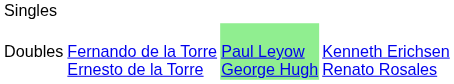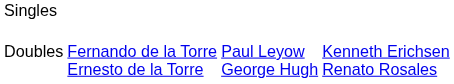 <table>
 <tr>
 <td>Singles</td>
 <td></td>
 <td></td>
 <td></td>
 </tr>
 <tr>
 <td>Doubles</td>
 <td><br><a href='#'>Fernando de la Torre</a><br><a href='#'>Ernesto de la Torre</a></td>
-<td style="background: lightgreen;"><br><a href='#'>Paul Leyow</a><br><a href='#'>George Hugh</a></td>
+<td><br><a href='#'>Paul Leyow</a><br><a href='#'>George Hugh</a></td>
 <td><br><a href='#'>Kenneth Erichsen</a><br><a href='#'>Renato Rosales</a></td>
 </tr>
 <tr>
 </tr>
 </table>
